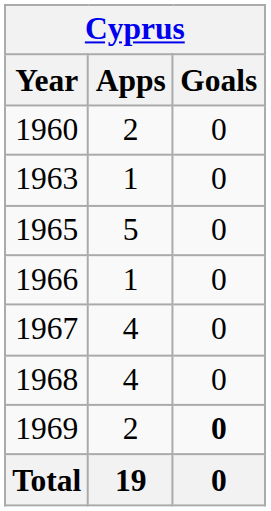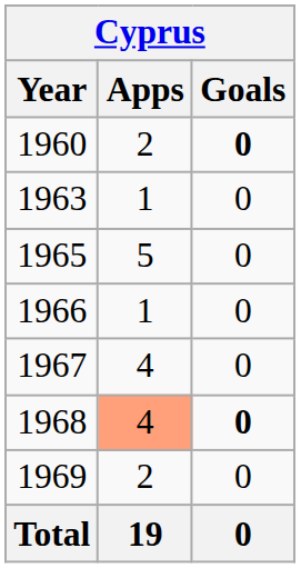 <table class="wikitable" style="text-align:center">
 <tr>
 <th colspan=3><a href='#'>Cyprus</a></th>
 </tr>
 <tr>
 <th>Year</th>
 <th>Apps</th>
 <th>Goals</th>
 </tr>
 <tr>
 <td>1960</td>
 <td>2</td>
-<td>0</td>
+<td><strong>0</strong></td>
 </tr>
 <tr>
 <td>1963</td>
 <td>1</td>
 <td>0</td>
 </tr>
 <tr>
 <td>1965</td>
 <td>5</td>
 <td>0</td>
 </tr>
 <tr>
 <td>1966</td>
 <td>1</td>
 <td>0</td>
 </tr>
 <tr>
 <td>1967</td>
 <td>4</td>
 <td>0</td>
 </tr>
 <tr>
 <td>1968</td>
-<td>4</td>
-<td>0</td>
+<td style="background: lightsalmon;">4</td>
+<td><strong>0</strong></td>
 </tr>
 <tr>
 <td>1969</td>
 <td>2</td>
-<td><strong>0</strong></td>
+<td>0</td>
 </tr>
 <tr>
 <th>Total</th>
 <th>19</th>
 <th>0</th>
 </tr>
 </table>
